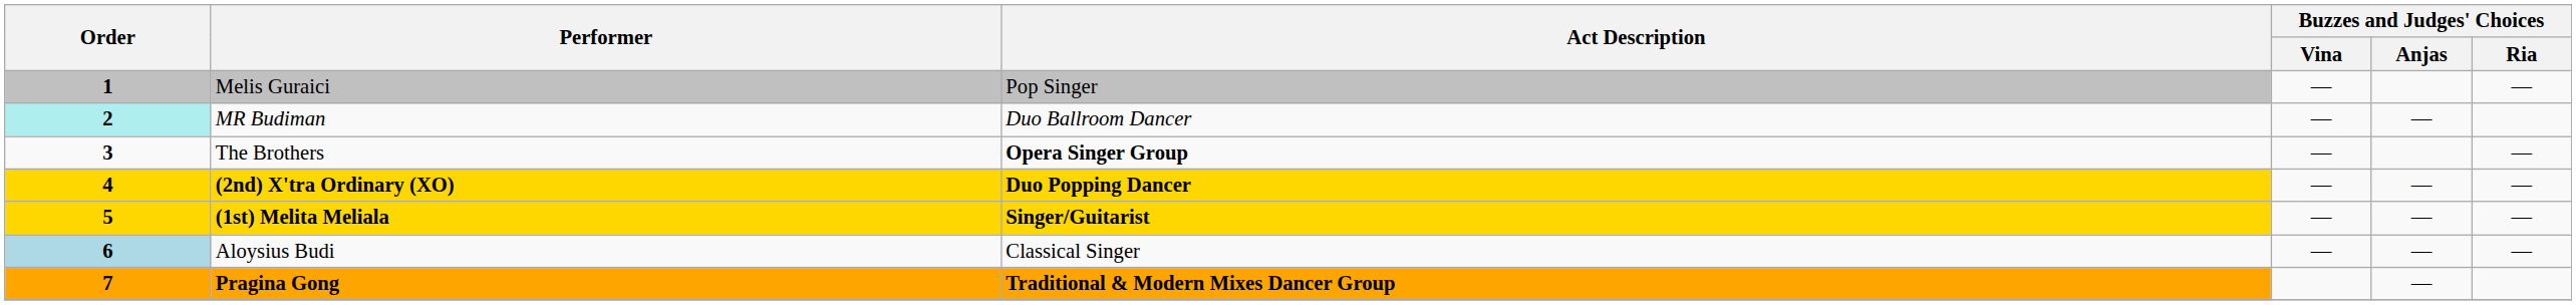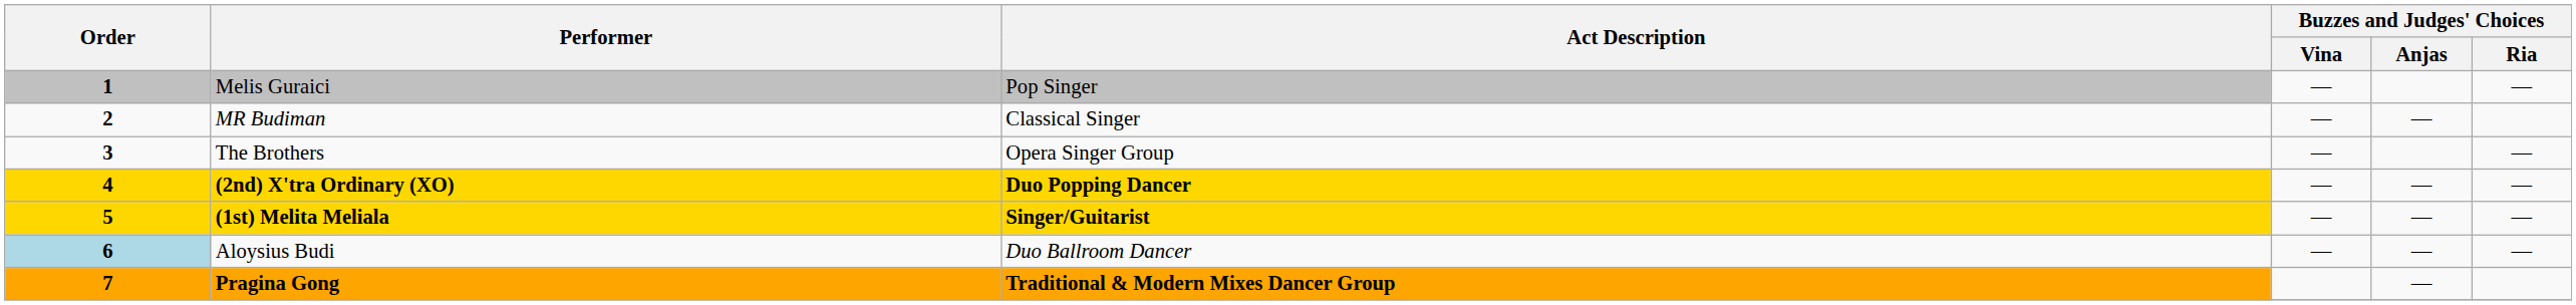 <table class="wikitable" style="width:100%;">
 <tr>
 <th rowspan=2>Order</th>
 <th rowspan=2>Performer</th>
 <th rowspan=2>Act Description</th>
 <th colspan=3>Buzzes and Judges' Choices</th>
 </tr>
 <tr>
 <th width="70">Vina</th>
 <th width="70">Anjas</th>
 <th width="70">Ria</th>
 </tr>
 <tr>
 <td style="background:silver;" align="center"><strong>1</strong></td>
 <td style="background:silver;">Melis Guraici</td>
 <td style="background:silver;">Pop Singer</td>
 <td align="center">—</td>
 <td style="text-align:center;"></td>
 <td align="center">—</td>
 </tr>
 <tr>
-<td align="center" style="background: paleturquoise;"><strong>2</strong></td>
+<td align="center"><strong>2</strong></td>
 <td><em>MR Budiman</em></td>
-<td><em>Duo Ballroom Dancer</em></td>
+<td>Classical Singer</td>
 <td align="center">—</td>
 <td align="center">—</td>
 <td style="text-align:center;"></td>
 </tr>
 <tr>
 <td align="center"><strong>3</strong></td>
 <td>The Brothers</td>
-<td><strong>Opera Singer Group</strong></td>
+<td>Opera Singer Group</td>
 <td align="center">—</td>
 <td style="text-align:center;"></td>
 <td align="center">—</td>
 </tr>
 <tr>
 <td style="background:gold;" align="center"><strong>4</strong></td>
 <td style="background:gold;"><strong>(2nd) X'tra Ordinary (XO)</strong></td>
 <td style="background:gold;"><strong>Duo Popping Dancer</strong></td>
 <td align="center">—</td>
 <td align="center">—</td>
 <td align="center">—</td>
 </tr>
 <tr>
 <td style="background:gold;" align="center"><strong>5</strong></td>
 <td style="background:gold;"><strong>(1st) Melita Meliala</strong></td>
 <td style="background:gold;"><strong>Singer/Guitarist</strong></td>
 <td align="center">—</td>
 <td align="center">—</td>
 <td align="center">—</td>
 </tr>
 <tr>
 <td align="center" style="background: lightblue;"><strong>6</strong></td>
 <td>Aloysius Budi</td>
-<td>Classical Singer</td>
+<td><em>Duo Ballroom Dancer</em></td>
 <td align="center">—</td>
 <td align="center">—</td>
 <td align="center">—</td>
 </tr>
 <tr>
 <td style="background:orange;" align="center"><strong>7</strong></td>
 <td style="background:orange;"><strong>Pragina Gong</strong></td>
 <td style="background:orange;"><strong>Traditional & Modern Mixes Dancer Group</strong></td>
 <td style="text-align:center;"></td>
 <td align="center">—</td>
 <td style="text-align:center;"></td>
 </tr>
 <tr>
 </tr>
 </table>
